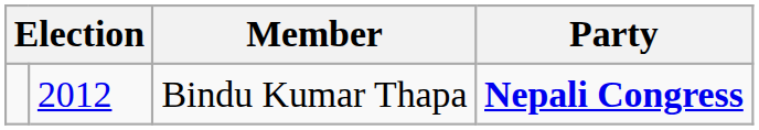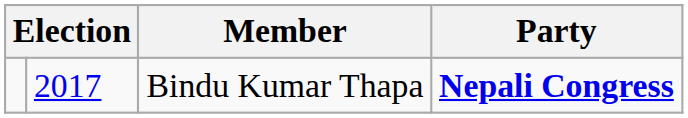 <table class="wikitable">
 <tr>
 <th colspan="2">Election</th>
 <th>Member</th>
 <th>Party</th>
 </tr>
 <tr>
 <td style="background-color:"></td>
-<td><a href='#'>2012</a></td>
+<td><a href='#'>2017</a></td>
 <td>Bindu Kumar Thapa</td>
 <td><strong><a href='#'>Nepali Congress</a></strong></td>
 </tr>
 </table>
